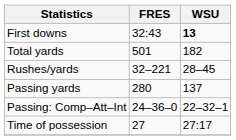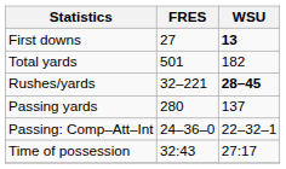 <table class="wikitable" style="float: left;">
 <tr>
 <th>Statistics</th>
 <th>FRES</th>
 <th>WSU</th>
 </tr>
 <tr>
 <td>First downs</td>
-<td>32:43</td>
+<td>27</td>
 <td><strong>13</strong></td>
 </tr>
 <tr>
 <td>Total yards</td>
 <td>501</td>
 <td>182</td>
 </tr>
 <tr>
 <td>Rushes/yards</td>
 <td>32–221</td>
-<td>28–45</td>
+<td><strong>28–45</strong></td>
 </tr>
 <tr>
 <td>Passing yards</td>
 <td>280</td>
 <td>137</td>
 </tr>
 <tr>
 <td>Passing: Comp–Att–Int</td>
 <td>24–36–0</td>
 <td>22–32–1</td>
 </tr>
 <tr>
 <td>Time of possession</td>
-<td>27</td>
+<td>32:43</td>
 <td>27:17</td>
 </tr>
 <tr>
 </tr>
 </table>
